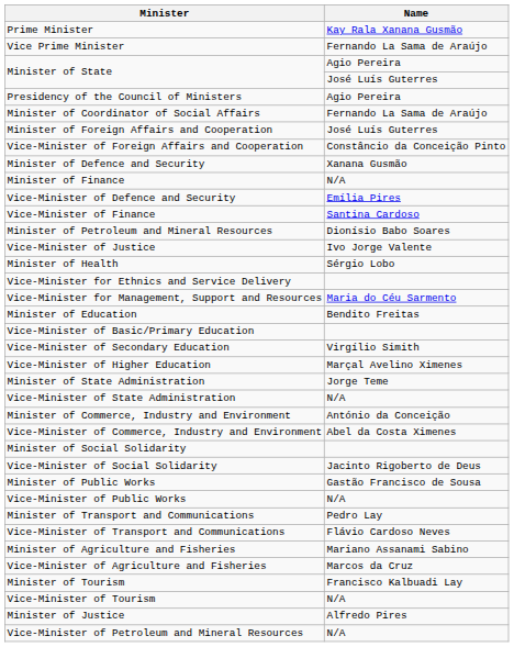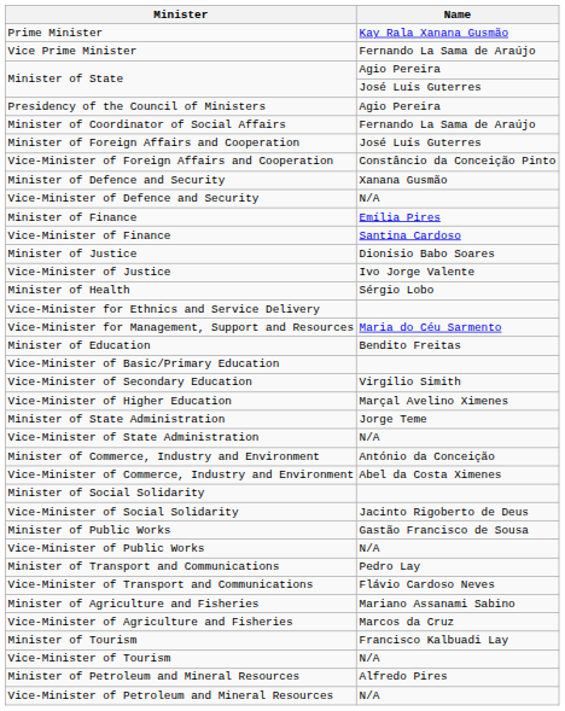 <table class="wikitable sortable">
 <tr>
 <th>Minister</th>
 <th>Name</th>
 </tr>
 <tr>
 <td>Prime Minister</td>
 <td><a href='#'>Kay Rala Xanana Gusmão</a></td>
 </tr>
 <tr>
 <td>Vice Prime Minister</td>
 <td>Fernando La Sama de Araújo</td>
 </tr>
 <tr>
 <td rowspan=2>Minister of State</td>
 <td>Agio Pereira</td>
 </tr>
 <tr>
 <td>José Luís Guterres</td>
 </tr>
 <tr>
 <td>Presidency of the Council of Ministers</td>
 <td>Agio Pereira</td>
 </tr>
 <tr>
 <td>Minister of Coordinator of Social Affairs</td>
 <td>Fernando La Sama de Araújo</td>
 </tr>
 <tr>
 <td>Minister of Foreign Affairs and Cooperation</td>
 <td>José Luís Guterres</td>
 </tr>
 <tr>
 <td>Vice-Minister of Foreign Affairs and Cooperation</td>
 <td>Constâncio da Conceição Pinto</td>
 </tr>
 <tr>
 <td>Minister of Defence and Security</td>
 <td>Xanana Gusmão</td>
 </tr>
 <tr>
-<td>Minister of Finance</td>
+<td>Vice-Minister of Defence and Security</td>
 <td>N/A</td>
 </tr>
 <tr>
-<td>Vice-Minister of Defence and Security</td>
+<td>Minister of Finance</td>
 <td><a href='#'>Emília Pires</a></td>
 </tr>
 <tr>
 <td>Vice-Minister of Finance</td>
 <td><a href='#'>Santina Cardoso</a></td>
 </tr>
 <tr>
-<td>Minister of Petroleum and Mineral Resources</td>
+<td>Minister of Justice</td>
 <td>Dionísio Babo Soares</td>
 </tr>
 <tr>
 <td>Vice-Minister of Justice</td>
 <td>Ivo Jorge Valente</td>
 </tr>
 <tr>
 <td>Minister of Health</td>
 <td>Sérgio Lobo</td>
 </tr>
 <tr>
 <td>Vice-Minister for Ethnics and Service Delivery</td>
 <td></td>
 </tr>
 <tr>
 <td>Vice-Minister for Management, Support and Resources</td>
 <td><a href='#'>Maria do Céu Sarmento</a></td>
 </tr>
 <tr>
 <td>Minister of Education</td>
 <td>Bendito Freitas</td>
 </tr>
 <tr>
 <td>Vice-Minister of Basic/Primary Education</td>
 <td></td>
 </tr>
 <tr>
 <td>Vice-Minister of Secondary Education</td>
 <td>Virgílio Simith</td>
 </tr>
 <tr>
 <td>Vice-Minister of Higher Education</td>
 <td>Marçal Avelino Ximenes</td>
 </tr>
 <tr>
 <td>Minister of State Administration</td>
 <td>Jorge Teme</td>
 </tr>
 <tr>
 <td>Vice-Minister of State Administration</td>
 <td>N/A</td>
 </tr>
 <tr>
 <td>Minister of Commerce, Industry and Environment</td>
 <td>António da Conceição</td>
 </tr>
 <tr>
 <td>Vice-Minister of Commerce, Industry and Environment</td>
 <td>Abel da Costa Ximenes</td>
 </tr>
 <tr>
 <td>Minister of Social Solidarity</td>
 <td></td>
 </tr>
 <tr>
 <td>Vice-Minister of Social Solidarity</td>
 <td>Jacinto Rigoberto de Deus</td>
 </tr>
 <tr>
 <td>Minister of Public Works</td>
 <td>Gastão Francisco de Sousa</td>
 </tr>
 <tr>
 <td>Vice-Minister of Public Works</td>
 <td>N/A</td>
 </tr>
 <tr>
 <td>Minister of Transport and Communications</td>
 <td>Pedro Lay</td>
 </tr>
 <tr>
 <td>Vice-Minister of Transport and Communications</td>
 <td>Flávio Cardoso Neves</td>
 </tr>
 <tr>
 <td>Minister of Agriculture and Fisheries</td>
 <td>Mariano Assanami Sabino</td>
 </tr>
 <tr>
 <td>Vice-Minister of Agriculture and Fisheries</td>
 <td>Marcos da Cruz</td>
 </tr>
 <tr>
 <td>Minister of Tourism</td>
 <td>Francisco Kalbuadi Lay</td>
 </tr>
 <tr>
 <td>Vice-Minister of Tourism</td>
 <td>N/A</td>
 </tr>
 <tr>
-<td>Minister of Justice</td>
+<td>Minister of Petroleum and Mineral Resources</td>
 <td>Alfredo Pires</td>
 </tr>
 <tr>
 <td>Vice-Minister of Petroleum and Mineral Resources</td>
 <td>N/A</td>
 </tr>
 </table>
